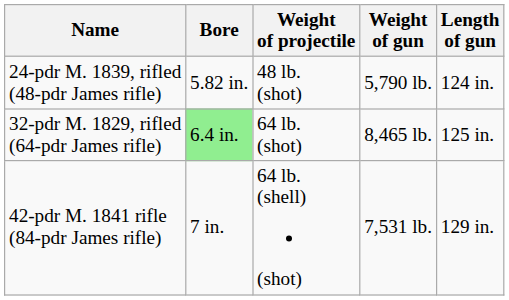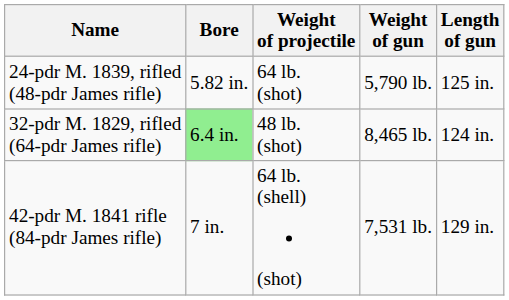 <table class="wikitable">
 <tr>
 <th>Name</th>
 <th>Bore</th>
 <th>Weight<br>of projectile</th>
 <th>Weight<br>of gun</th>
 <th>Length<br>of gun</th>
 </tr>
 <tr>
 <td>24-pdr M. 1839, rifled<br>(48-pdr James rifle)</td>
 <td>5.82 in.</td>
-<td>48 lb.<br>(shot)</td>
+<td>64 lb.<br>(shot)</td>
 <td>5,790 lb.</td>
-<td>124 in.</td>
+<td>125 in.</td>
 </tr>
 <tr>
 <td>32-pdr M. 1829, rifled<br>(64-pdr James rifle)</td>
 <td style="background: lightgreen;">6.4 in.</td>
-<td>64 lb.<br>(shot)</td>
+<td>48 lb.<br>(shot)</td>
 <td>8,465 lb.</td>
-<td>125 in.</td>
+<td>124 in.</td>
 </tr>
 <tr>
 <td>42-pdr M. 1841 rifle<br>(84-pdr James rifle)</td>
 <td>7 in.</td>
 <td>64 lb.<br>(shell)<ul><li></li></ul>(shot)</td>
 <td>7,531 lb.</td>
 <td>129 in.</td>
 </tr>
 </table>
